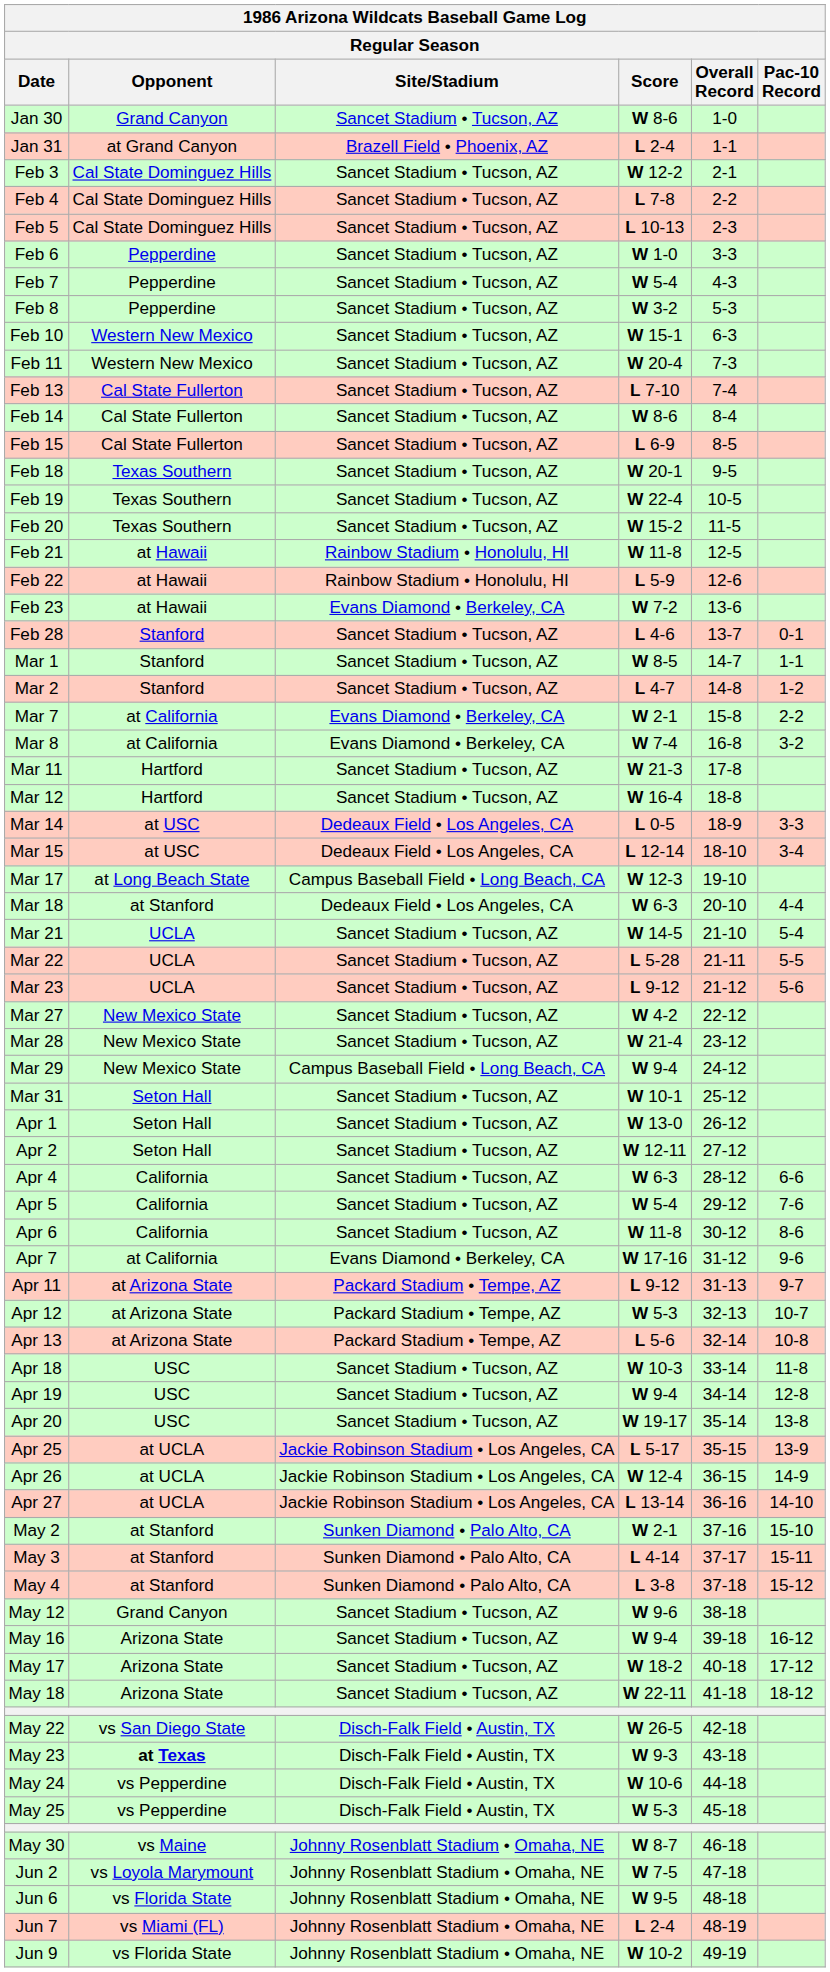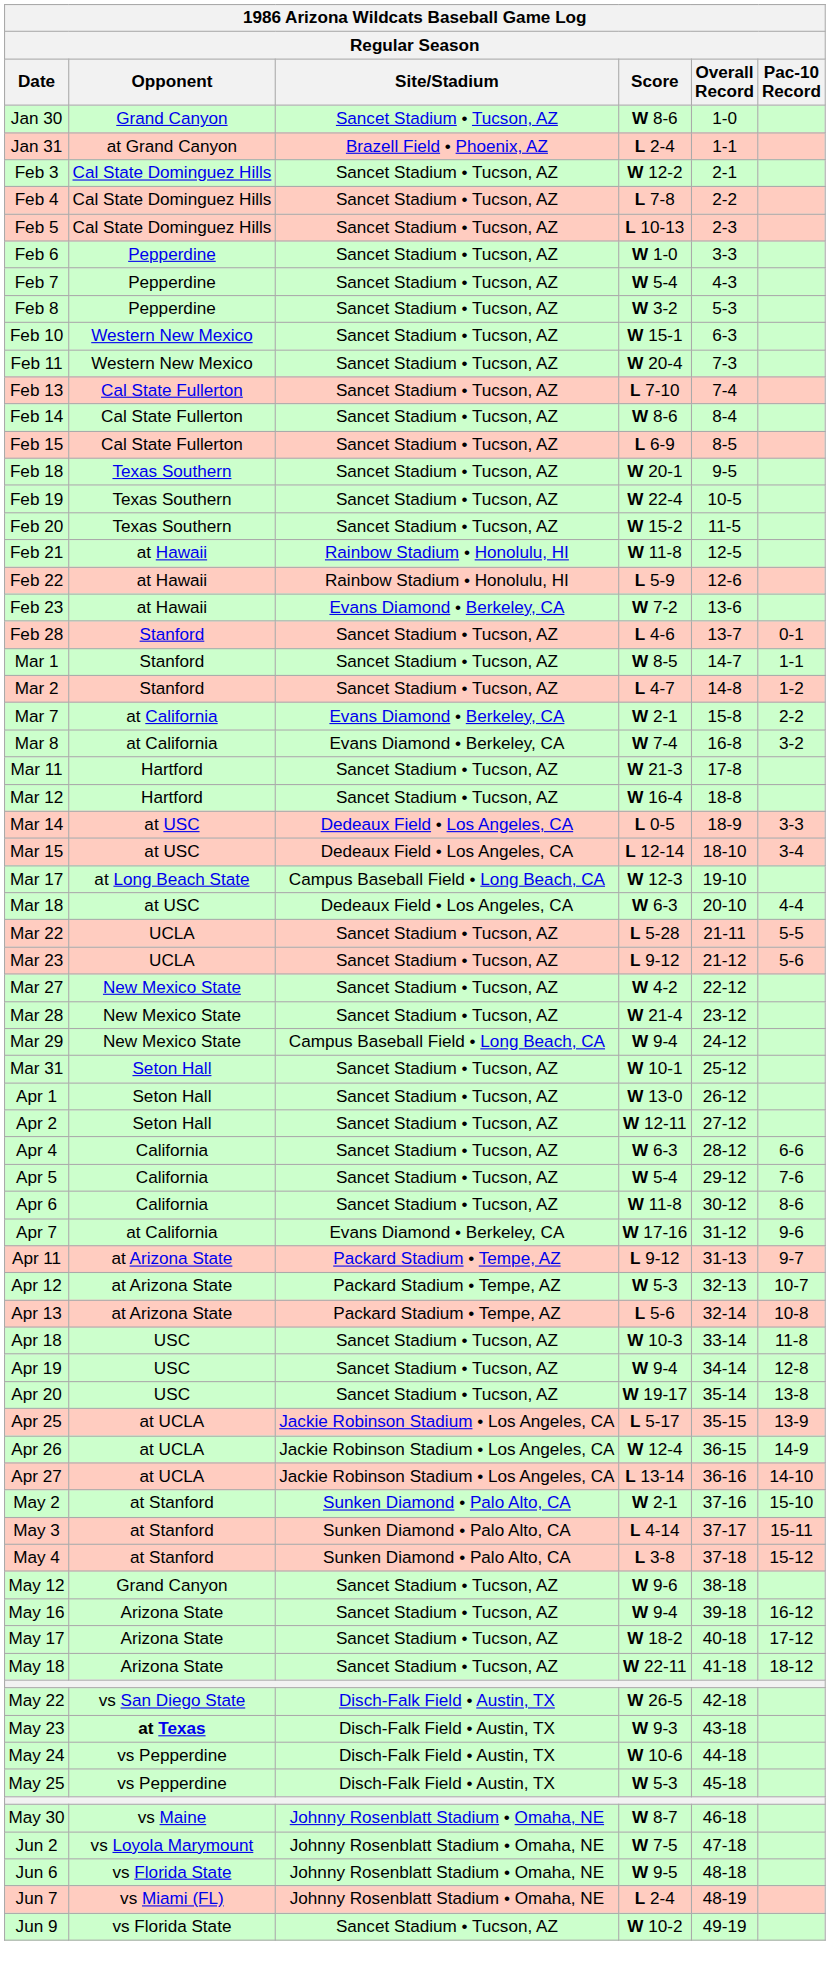 <table class="wikitable">
 <tr>
 <th colspan="6">1986 Arizona Wildcats Baseball Game Log</th>
 </tr>
 <tr>
 <th colspan="6">Regular Season</th>
 </tr>
 <tr>
 <th>Date</th>
 <th>Opponent</th>
 <th>Site/Stadium</th>
 <th>Score</th>
 <th>Overall<br>Record</th>
 <th>Pac-10<br>Record</th>
 </tr>
 <tr bgcolor="ccffcc" align="center">
 <td>Jan 30</td>
 <td><a href='#'>Grand Canyon</a></td>
 <td><a href='#'>Sancet Stadium</a> • <a href='#'>Tucson, AZ</a></td>
 <td><strong>W</strong> 8-6</td>
 <td>1-0</td>
 <td></td>
 </tr>
 <tr bgcolor="ffccc" align="center">
 <td>Jan 31</td>
 <td>at Grand Canyon</td>
 <td><a href='#'>Brazell Field</a> • <a href='#'>Phoenix, AZ</a></td>
 <td><strong>L</strong> 2-4</td>
 <td>1-1</td>
 <td></td>
 </tr>
 <tr bgcolor="ccffcc" align="center">
 <td>Feb 3</td>
 <td><a href='#'>Cal State Dominguez Hills</a></td>
 <td>Sancet Stadium • Tucson, AZ</td>
 <td><strong>W</strong> 12-2</td>
 <td>2-1</td>
 <td></td>
 </tr>
 <tr bgcolor="ffccc" align="center">
 <td>Feb 4</td>
 <td>Cal State Dominguez Hills</td>
 <td>Sancet Stadium • Tucson, AZ</td>
 <td><strong>L</strong> 7-8</td>
 <td>2-2</td>
 <td></td>
 </tr>
 <tr bgcolor="ffccc" align="center">
 <td>Feb 5</td>
 <td>Cal State Dominguez Hills</td>
 <td>Sancet Stadium • Tucson, AZ</td>
 <td><strong>L</strong> 10-13</td>
 <td>2-3</td>
 <td></td>
 </tr>
 <tr bgcolor="ccffcc" align="center">
 <td>Feb 6</td>
 <td><a href='#'>Pepperdine</a></td>
 <td>Sancet Stadium • Tucson, AZ</td>
 <td><strong>W</strong> 1-0</td>
 <td>3-3</td>
 <td></td>
 </tr>
 <tr bgcolor="ccffcc" align="center">
 <td>Feb 7</td>
 <td>Pepperdine</td>
 <td>Sancet Stadium • Tucson, AZ</td>
 <td><strong>W</strong> 5-4</td>
 <td>4-3</td>
 <td></td>
 </tr>
 <tr bgcolor="ccffcc" align="center">
 <td>Feb 8</td>
 <td>Pepperdine</td>
 <td>Sancet Stadium • Tucson, AZ</td>
 <td><strong>W</strong> 3-2</td>
 <td>5-3</td>
 <td></td>
 </tr>
 <tr bgcolor="ccffcc" align="center">
 <td>Feb 10</td>
 <td><a href='#'>Western New Mexico</a></td>
 <td>Sancet Stadium • Tucson, AZ</td>
 <td><strong>W</strong> 15-1</td>
 <td>6-3</td>
 <td></td>
 </tr>
 <tr bgcolor="ccffcc" align="center">
 <td>Feb 11</td>
 <td>Western New Mexico</td>
 <td>Sancet Stadium • Tucson, AZ</td>
 <td><strong>W</strong> 20-4</td>
 <td>7-3</td>
 <td></td>
 </tr>
 <tr bgcolor="ffccc" align="center">
 <td>Feb 13</td>
 <td><a href='#'>Cal State Fullerton</a></td>
 <td>Sancet Stadium • Tucson, AZ</td>
 <td><strong>L</strong> 7-10</td>
 <td>7-4</td>
 <td></td>
 </tr>
 <tr bgcolor="ccffcc" align="center">
 <td>Feb 14</td>
 <td>Cal State Fullerton</td>
 <td>Sancet Stadium • Tucson, AZ</td>
 <td><strong>W</strong> 8-6</td>
 <td>8-4</td>
 <td></td>
 </tr>
 <tr bgcolor="ffccc" align="center">
 <td>Feb 15</td>
 <td>Cal State Fullerton</td>
 <td>Sancet Stadium • Tucson, AZ</td>
 <td><strong>L</strong> 6-9</td>
 <td>8-5</td>
 <td></td>
 </tr>
 <tr bgcolor="ccffcc" align="center">
 <td>Feb 18</td>
 <td><a href='#'>Texas Southern</a></td>
 <td>Sancet Stadium • Tucson, AZ</td>
 <td><strong>W</strong> 20-1</td>
 <td>9-5</td>
 <td></td>
 </tr>
 <tr bgcolor="ccffcc" align="center">
 <td>Feb 19</td>
 <td>Texas Southern</td>
 <td>Sancet Stadium • Tucson, AZ</td>
 <td><strong>W</strong> 22-4</td>
 <td>10-5</td>
 <td></td>
 </tr>
 <tr bgcolor="ccffcc" align="center">
 <td>Feb 20</td>
 <td>Texas Southern</td>
 <td>Sancet Stadium • Tucson, AZ</td>
 <td><strong>W</strong> 15-2</td>
 <td>11-5</td>
 <td></td>
 </tr>
 <tr bgcolor="ccffcc" align="center">
 <td>Feb 21</td>
 <td>at <a href='#'>Hawaii</a></td>
 <td><a href='#'>Rainbow Stadium</a> • <a href='#'>Honolulu, HI</a></td>
 <td><strong>W</strong> 11-8</td>
 <td>12-5</td>
 <td></td>
 </tr>
 <tr bgcolor="ffccc" align="center">
 <td>Feb 22</td>
 <td>at Hawaii</td>
 <td>Rainbow Stadium • Honolulu, HI</td>
 <td><strong>L</strong> 5-9</td>
 <td>12-6</td>
 <td></td>
 </tr>
 <tr bgcolor="ccffcc" align="center">
 <td>Feb 23</td>
 <td>at Hawaii</td>
 <td><a href='#'>Evans Diamond</a> • <a href='#'>Berkeley, CA</a></td>
 <td><strong>W</strong> 7-2</td>
 <td>13-6</td>
 <td></td>
 </tr>
 <tr bgcolor="ffccc" align="center">
 <td>Feb 28</td>
 <td><a href='#'>Stanford</a></td>
 <td>Sancet Stadium • Tucson, AZ</td>
 <td><strong>L</strong> 4-6</td>
 <td>13-7</td>
 <td>0-1</td>
 </tr>
 <tr bgcolor="ccffcc" align="center">
 <td>Mar 1</td>
 <td>Stanford</td>
 <td>Sancet Stadium • Tucson, AZ</td>
 <td><strong>W</strong> 8-5</td>
 <td>14-7</td>
 <td>1-1</td>
 </tr>
 <tr bgcolor="ffccc" align="center">
 <td>Mar 2</td>
 <td>Stanford</td>
 <td>Sancet Stadium • Tucson, AZ</td>
 <td><strong>L</strong> 4-7</td>
 <td>14-8</td>
 <td>1-2</td>
 </tr>
 <tr bgcolor="ccffcc" align="center">
 <td>Mar 7</td>
 <td>at <a href='#'>California</a></td>
 <td><a href='#'>Evans Diamond</a> • <a href='#'>Berkeley, CA</a></td>
 <td><strong>W</strong> 2-1</td>
 <td>15-8</td>
 <td>2-2</td>
 </tr>
 <tr bgcolor="ccffcc" align="center">
 <td>Mar 8</td>
 <td>at California</td>
 <td>Evans Diamond • Berkeley, CA</td>
 <td><strong>W</strong> 7-4</td>
 <td>16-8</td>
 <td>3-2</td>
 </tr>
 <tr bgcolor="ccffcc" align="center">
 <td>Mar 11</td>
 <td>Hartford</td>
 <td>Sancet Stadium • Tucson, AZ</td>
 <td><strong>W</strong> 21-3</td>
 <td>17-8</td>
 <td></td>
 </tr>
 <tr bgcolor="ccffcc" align="center">
 <td>Mar 12</td>
 <td>Hartford</td>
 <td>Sancet Stadium • Tucson, AZ</td>
 <td><strong>W</strong> 16-4</td>
 <td>18-8</td>
 <td></td>
 </tr>
 <tr bgcolor="ffccc" align="center">
 <td>Mar 14</td>
 <td>at <a href='#'>USC</a></td>
 <td><a href='#'>Dedeaux Field</a> • <a href='#'>Los Angeles, CA</a></td>
 <td><strong>L</strong> 0-5</td>
 <td>18-9</td>
 <td>3-3</td>
 </tr>
 <tr bgcolor="ffccc" align="center">
 <td>Mar 15</td>
 <td>at USC</td>
 <td>Dedeaux Field • Los Angeles, CA</td>
 <td><strong>L</strong> 12-14</td>
 <td>18-10</td>
 <td>3-4</td>
 </tr>
 <tr bgcolor="ccffcc" align="center">
 <td>Mar 17</td>
 <td>at <a href='#'>Long Beach State</a></td>
 <td>Campus Baseball Field • <a href='#'>Long Beach, CA</a></td>
 <td><strong>W</strong> 12-3</td>
 <td>19-10</td>
 <td></td>
 </tr>
 <tr bgcolor="ccffcc" align="center">
 <td>Mar 18</td>
-<td>at Stanford</td>
+<td>at USC</td>
 <td>Dedeaux Field • Los Angeles, CA</td>
 <td><strong>W</strong> 6-3</td>
 <td>20-10</td>
 <td>4-4</td>
-</tr>
-<tr bgcolor="ccffcc" align="center">
-<td>Mar 21</td>
-<td><a href='#'>UCLA</a></td>
-<td>Sancet Stadium • Tucson, AZ</td>
-<td><strong>W</strong> 14-5</td>
-<td>21-10</td>
-<td>5-4</td>
 </tr>
 <tr bgcolor="ffccc" align="center">
 <td>Mar 22</td>
 <td>UCLA</td>
 <td>Sancet Stadium • Tucson, AZ</td>
 <td><strong>L</strong> 5-28</td>
 <td>21-11</td>
 <td>5-5</td>
 </tr>
 <tr bgcolor="ffccc" align="center">
 <td>Mar 23</td>
 <td>UCLA</td>
 <td>Sancet Stadium • Tucson, AZ</td>
 <td><strong>L</strong> 9-12</td>
 <td>21-12</td>
 <td>5-6</td>
 </tr>
 <tr bgcolor="ccffcc" align="center">
 <td>Mar 27</td>
 <td><a href='#'>New Mexico State</a></td>
 <td>Sancet Stadium • Tucson, AZ</td>
 <td><strong>W</strong> 4-2</td>
 <td>22-12</td>
 <td></td>
 </tr>
 <tr bgcolor="ccffcc" align="center">
 <td>Mar 28</td>
 <td>New Mexico State</td>
 <td>Sancet Stadium • Tucson, AZ</td>
 <td><strong>W</strong> 21-4</td>
 <td>23-12</td>
 <td></td>
 </tr>
 <tr bgcolor="ccffcc" align="center">
 <td>Mar 29</td>
 <td>New Mexico State</td>
 <td>Campus Baseball Field • <a href='#'>Long Beach, CA</a></td>
 <td><strong>W</strong> 9-4</td>
 <td>24-12</td>
 <td></td>
 </tr>
 <tr bgcolor="ccffcc" align="center">
 <td>Mar 31</td>
 <td><a href='#'>Seton Hall</a></td>
 <td>Sancet Stadium • Tucson, AZ</td>
 <td><strong>W</strong> 10-1</td>
 <td>25-12</td>
 <td></td>
 </tr>
 <tr bgcolor="ccffcc" align="center">
 <td>Apr 1</td>
 <td>Seton Hall</td>
 <td>Sancet Stadium • Tucson, AZ</td>
 <td><strong>W</strong> 13-0</td>
 <td>26-12</td>
 <td></td>
 </tr>
 <tr bgcolor="ccffcc" align="center">
 <td>Apr 2</td>
 <td>Seton Hall</td>
 <td>Sancet Stadium • Tucson, AZ</td>
 <td><strong>W</strong> 12-11</td>
 <td>27-12</td>
 <td></td>
 </tr>
 <tr bgcolor="ccffcc" align="center">
 <td>Apr 4</td>
 <td>California</td>
 <td>Sancet Stadium • Tucson, AZ</td>
 <td><strong>W</strong> 6-3</td>
 <td>28-12</td>
 <td>6-6</td>
 </tr>
 <tr bgcolor="ccffcc" align="center">
 <td>Apr 5</td>
 <td>California</td>
 <td>Sancet Stadium • Tucson, AZ</td>
 <td><strong>W</strong> 5-4</td>
 <td>29-12</td>
 <td>7-6</td>
 </tr>
 <tr bgcolor="ccffcc" align="center">
 <td>Apr 6</td>
 <td>California</td>
 <td>Sancet Stadium • Tucson, AZ</td>
 <td><strong>W</strong> 11-8</td>
 <td>30-12</td>
 <td>8-6</td>
 </tr>
 <tr bgcolor="ccffcc" align="center">
 <td>Apr 7</td>
 <td>at California</td>
 <td>Evans Diamond • Berkeley, CA</td>
 <td><strong>W</strong> 17-16</td>
 <td>31-12</td>
 <td>9-6</td>
 </tr>
 <tr bgcolor="ffccc" align="center">
 <td>Apr 11</td>
 <td>at <a href='#'>Arizona State</a></td>
 <td><a href='#'>Packard Stadium</a> • <a href='#'>Tempe, AZ</a></td>
 <td><strong>L</strong> 9-12</td>
 <td>31-13</td>
 <td>9-7</td>
 </tr>
 <tr bgcolor="ccffcc" align="center">
 <td>Apr 12</td>
 <td>at Arizona State</td>
 <td>Packard Stadium • Tempe, AZ</td>
 <td><strong>W</strong> 5-3</td>
 <td>32-13</td>
 <td>10-7</td>
 </tr>
 <tr bgcolor="ffccc" align="center">
 <td>Apr 13</td>
 <td>at Arizona State</td>
 <td>Packard Stadium • Tempe, AZ</td>
 <td><strong>L</strong> 5-6</td>
 <td>32-14</td>
 <td>10-8</td>
 </tr>
 <tr bgcolor="ccffcc" align="center">
 <td>Apr 18</td>
 <td>USC</td>
 <td>Sancet Stadium • Tucson, AZ</td>
 <td><strong>W</strong> 10-3</td>
 <td>33-14</td>
 <td>11-8</td>
 </tr>
 <tr bgcolor="ccffcc" align="center">
 <td>Apr 19</td>
 <td>USC</td>
 <td>Sancet Stadium • Tucson, AZ</td>
 <td><strong>W</strong> 9-4</td>
 <td>34-14</td>
 <td>12-8</td>
 </tr>
 <tr bgcolor="ccffcc" align="center">
 <td>Apr 20</td>
 <td>USC</td>
 <td>Sancet Stadium • Tucson, AZ</td>
 <td><strong>W</strong> 19-17</td>
 <td>35-14</td>
 <td>13-8</td>
 </tr>
 <tr bgcolor="ffccc" align="center">
 <td>Apr 25</td>
 <td>at UCLA</td>
 <td><a href='#'>Jackie Robinson Stadium</a> • Los Angeles, CA</td>
 <td><strong>L</strong> 5-17</td>
 <td>35-15</td>
 <td>13-9</td>
 </tr>
 <tr bgcolor="ccffcc" align="center">
 <td>Apr 26</td>
 <td>at UCLA</td>
 <td>Jackie Robinson Stadium • Los Angeles, CA</td>
 <td><strong>W</strong> 12-4</td>
 <td>36-15</td>
 <td>14-9</td>
 </tr>
 <tr bgcolor="ffccc" align="center">
 <td>Apr 27</td>
 <td>at UCLA</td>
 <td>Jackie Robinson Stadium • Los Angeles, CA</td>
 <td><strong>L</strong> 13-14</td>
 <td>36-16</td>
 <td>14-10</td>
 </tr>
 <tr bgcolor="ccffcc" align="center">
 <td>May 2</td>
 <td>at Stanford</td>
 <td><a href='#'>Sunken Diamond</a> • <a href='#'>Palo Alto, CA</a></td>
 <td><strong>W</strong> 2-1</td>
 <td>37-16</td>
 <td>15-10</td>
 </tr>
 <tr bgcolor="ffccc" align="center">
 <td>May 3</td>
 <td>at Stanford</td>
 <td>Sunken Diamond • Palo Alto, CA</td>
 <td><strong>L</strong> 4-14</td>
 <td>37-17</td>
 <td>15-11</td>
 </tr>
 <tr bgcolor="ffccc" align="center">
 <td>May 4</td>
 <td>at Stanford</td>
 <td>Sunken Diamond • Palo Alto, CA</td>
 <td><strong>L</strong> 3-8</td>
 <td>37-18</td>
 <td>15-12</td>
 </tr>
 <tr bgcolor="ccffcc" align="center">
 <td>May 12</td>
 <td>Grand Canyon</td>
 <td>Sancet Stadium • Tucson, AZ</td>
 <td><strong>W</strong> 9-6</td>
 <td>38-18</td>
 <td></td>
 </tr>
 <tr bgcolor="ccffcc" align="center">
 <td>May 16</td>
 <td>Arizona State</td>
 <td>Sancet Stadium • Tucson, AZ</td>
 <td><strong>W</strong> 9-4</td>
 <td>39-18</td>
 <td>16-12</td>
 </tr>
 <tr bgcolor="ccffcc" align="center">
 <td>May 17</td>
 <td>Arizona State</td>
 <td>Sancet Stadium • Tucson, AZ</td>
 <td><strong>W</strong> 18-2</td>
 <td>40-18</td>
 <td>17-12</td>
 </tr>
 <tr bgcolor="ccffcc" align="center">
 <td>May 18</td>
 <td>Arizona State</td>
 <td>Sancet Stadium • Tucson, AZ</td>
 <td><strong>W</strong> 22-11</td>
 <td>41-18</td>
 <td>18-12</td>
 </tr>
 <tr>
 <th colspan="6"><a href='#'></a></th>
 </tr>
 <tr bgcolor="ccffcc" align="center">
 <td>May 22</td>
 <td>vs <a href='#'>San Diego State</a></td>
 <td><a href='#'>Disch-Falk Field</a> • <a href='#'>Austin, TX</a></td>
 <td><strong>W</strong> 26-5</td>
 <td>42-18</td>
 <td></td>
 </tr>
 <tr bgcolor="ccffcc" align="center">
 <td>May 23</td>
 <td><strong>at <a href='#'>Texas</a></strong></td>
 <td>Disch-Falk Field • Austin, TX</td>
 <td><strong>W</strong> 9-3</td>
 <td>43-18</td>
 <td></td>
 </tr>
 <tr bgcolor="ccffcc" align="center">
 <td>May 24</td>
 <td>vs Pepperdine</td>
 <td>Disch-Falk Field • Austin, TX</td>
 <td><strong>W</strong> 10-6</td>
 <td>44-18</td>
 <td></td>
 </tr>
 <tr bgcolor="ccffcc" align="center">
 <td>May 25</td>
 <td>vs Pepperdine</td>
 <td>Disch-Falk Field • Austin, TX</td>
 <td><strong>W</strong> 5-3</td>
 <td>45-18</td>
 <td></td>
 </tr>
 <tr>
 <th colspan="6"><a href='#'></a></th>
 </tr>
 <tr bgcolor="ccffcc" align="center">
 <td>May 30</td>
 <td>vs <a href='#'>Maine</a></td>
 <td><a href='#'>Johnny Rosenblatt Stadium</a> • <a href='#'>Omaha, NE</a></td>
 <td><strong>W</strong> 8-7</td>
 <td>46-18</td>
 <td></td>
 </tr>
 <tr bgcolor="ccffcc" align="center">
 <td>Jun 2</td>
 <td>vs <a href='#'>Loyola Marymount</a></td>
 <td>Johnny Rosenblatt Stadium • Omaha, NE</td>
 <td><strong>W</strong> 7-5</td>
 <td>47-18</td>
 <td></td>
 </tr>
 <tr bgcolor="ccffcc" align="center">
 <td>Jun 6</td>
 <td>vs <a href='#'>Florida State</a></td>
 <td>Johnny Rosenblatt Stadium • Omaha, NE</td>
 <td><strong>W</strong> 9-5</td>
 <td>48-18</td>
 <td></td>
 </tr>
 <tr bgcolor="ffccc" align="center">
 <td>Jun 7</td>
 <td>vs <a href='#'>Miami (FL)</a></td>
 <td>Johnny Rosenblatt Stadium • Omaha, NE</td>
 <td><strong>L</strong> 2-4</td>
 <td>48-19</td>
 <td></td>
 </tr>
 <tr bgcolor="ccffcc" align="center">
 <td>Jun 9</td>
 <td>vs Florida State</td>
-<td>Johnny Rosenblatt Stadium • Omaha, NE</td>
+<td>Sancet Stadium • Tucson, AZ</td>
 <td><strong>W</strong> 10-2</td>
 <td>49-19</td>
 <td></td>
 </tr>
 </table>
